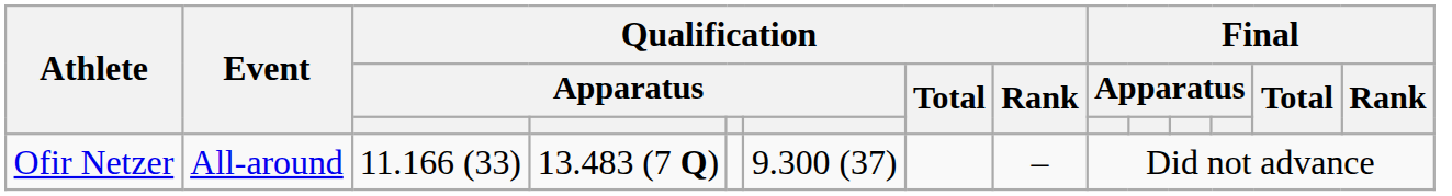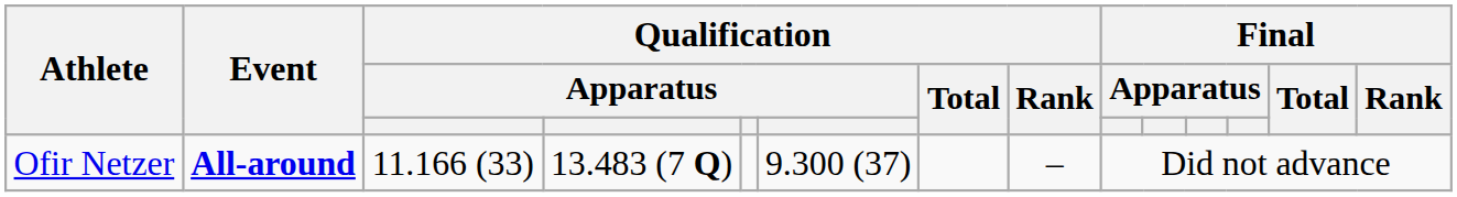 <table class="wikitable" style="font-size:90%">
 <tr>
 <th rowspan=3>Athlete</th>
 <th rowspan=3>Event</th>
 <th colspan=6>Qualification</th>
 <th colspan=6>Final</th>
 </tr>
 <tr style="font-size:95%">
 <th colspan=4>Apparatus</th>
 <th rowspan=2>Total</th>
 <th rowspan=2>Rank</th>
 <th colspan=4>Apparatus</th>
 <th rowspan=2>Total</th>
 <th rowspan=2>Rank</th>
 </tr>
 <tr style="font-size:95%">
 <th></th>
 <th></th>
 <th></th>
 <th></th>
 <th></th>
 <th></th>
 <th></th>
 <th></th>
 </tr>
 <tr align=center>
 <td align=left><a href='#'>Ofir Netzer</a></td>
-<td align=left><a href='#'>All-around</a></td>
+<td align=left><strong><a href='#'>All-around</a></strong></td>
 <td>11.166 (33)</td>
 <td>13.483 (7 <strong>Q</strong>)</td>
 <td></td>
 <td>9.300 (37)</td>
 <td></td>
 <td>–</td>
 <td colspan=6>Did not advance</td>
 </tr>
 </table>
